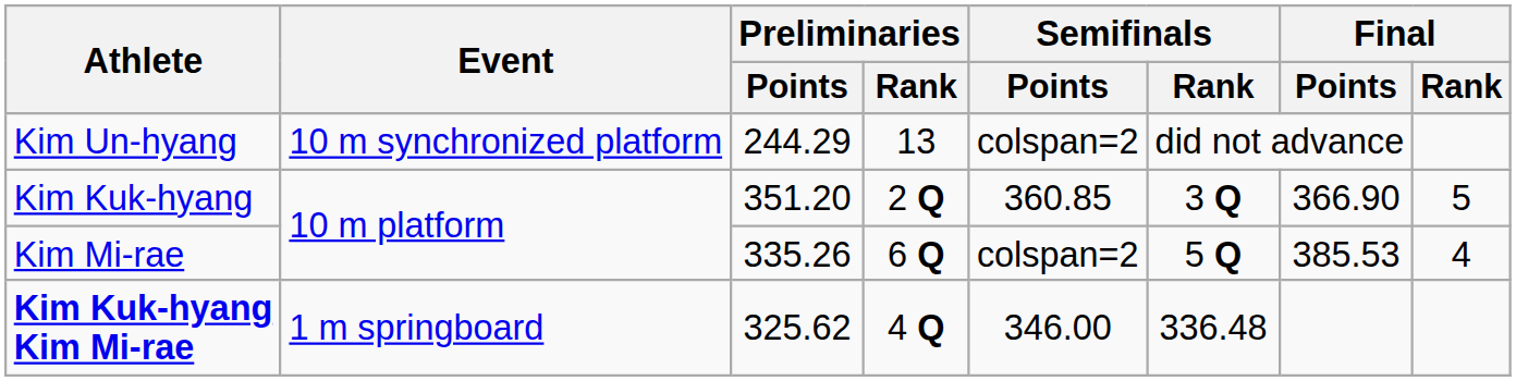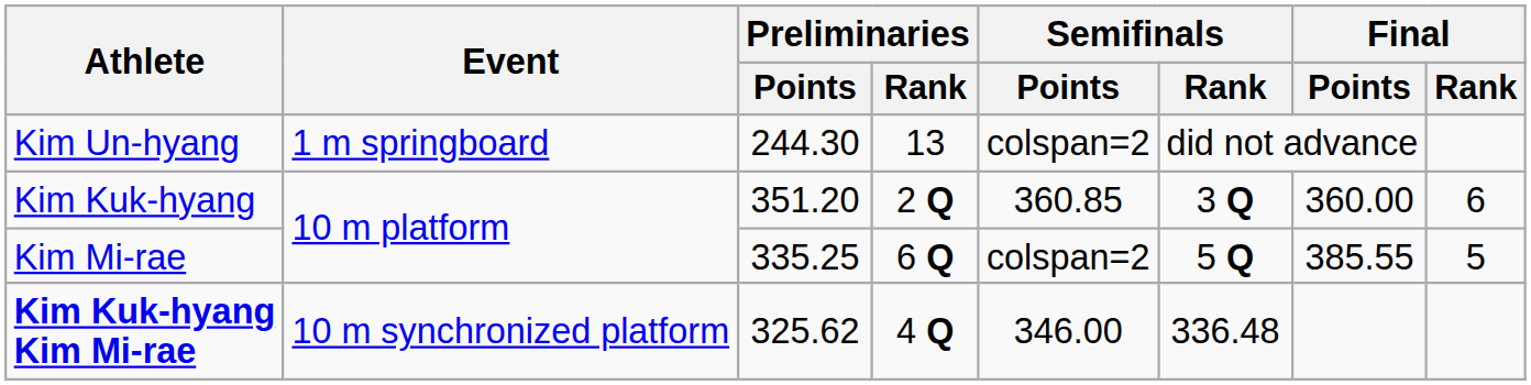 <table class=wikitable style="font-size:90%;">
 <tr>
 <th rowspan="2">Athlete</th>
 <th rowspan="2">Event</th>
 <th colspan="2">Preliminaries</th>
 <th colspan="2">Semifinals</th>
 <th colspan="2">Final</th>
 </tr>
 <tr style="font-size:95%">
 <th>Points</th>
 <th>Rank</th>
 <th>Points</th>
 <th>Rank</th>
 <th>Points</th>
 <th>Rank</th>
 </tr>
 <tr align=center>
 <td align=left><a href='#'>Kim Un-hyang</a></td>
-<td align=left><a href='#'>10 m synchronized platform</a></td>
-<td>244.29</td>
+<td align=left><a href='#'>1 m springboard</a></td>
+<td>244.30</td>
 <td>13</td>
 <td>colspan=2 </td>
 <td colspan=2>did not advance</td>
 </tr>
 <tr align=center>
 <td align=left><a href='#'>Kim Kuk-hyang</a></td>
 <td align=left rowspan=2><a href='#'>10 m platform</a></td>
 <td>351.20</td>
 <td>2 <strong>Q</strong></td>
 <td>360.85</td>
 <td>3 <strong>Q</strong></td>
-<td>366.90</td>
+<td>360.00</td>
+<td>6</td>
+</tr>
+<tr align=center>
+<td align=left><a href='#'>Kim Mi-rae</a></td>
+<td>335.25</td>
+<td>6 <strong>Q</strong></td>
+<td>colspan=2 </td>
+<td>5 <strong>Q</strong></td>
+<td>385.55</td>
 <td>5</td>
 </tr>
 <tr align=center>
-<td align=left><a href='#'>Kim Mi-rae</a></td>
-<td>335.26</td>
-<td>6 <strong>Q</strong></td>
-<td>colspan=2 </td>
-<td>5 <strong>Q</strong></td>
-<td>385.53</td>
-<td>4</td>
-</tr>
-<tr align=center>
 <td align=left><strong><a href='#'>Kim Kuk-hyang</a><br><a href='#'>Kim Mi-rae</a></strong></td>
-<td align=left><a href='#'>1 m springboard</a></td>
+<td align=left><a href='#'>10 m synchronized platform</a></td>
 <td>325.62</td>
 <td>4 <strong>Q</strong></td>
 <td>346.00</td>
 <td>336.48</td>
 <td></td>
 </tr>
 </table>
